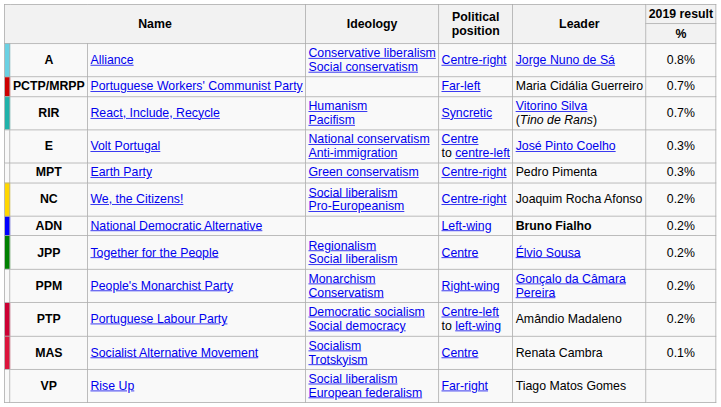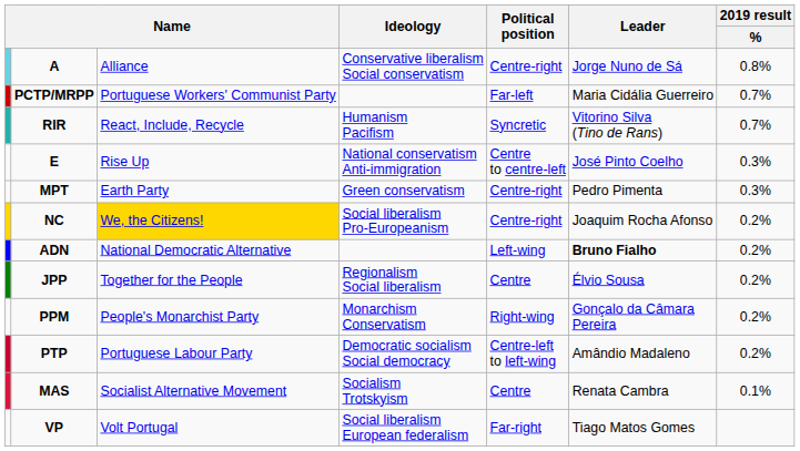 <table class="wikitable">
 <tr>
 <th rowspan="2" colspan="3">Name</th>
 <th rowspan="2">Ideology</th>
 <th rowspan="2">Political<br>position</th>
 <th rowspan="2">Leader</th>
 <th colspan="2">2019 result</th>
 </tr>
 <tr>
 <th>%</th>
 </tr>
 <tr>
 <td style="background:#6AD1E3;"></td>
 <td style="text-align:center;"><strong>A</strong></td>
 <td><a href='#'>Alliance</a><br></td>
 <td><a href='#'>Conservative liberalism</a><br><a href='#'>Social conservatism</a></td>
 <td><a href='#'>Centre-right</a></td>
 <td><a href='#'>Jorge Nuno de Sá</a></td>
 <td style="text-align:center;">0.8%</td>
 </tr>
 <tr>
 <td style="background:#cc0000;"></td>
 <td style="text-align:center;"><strong>PCTP/MRPP</strong></td>
 <td><a href='#'>Portuguese Workers' Communist Party</a><br></td>
 <td></td>
 <td><a href='#'>Far-left</a></td>
 <td>Maria Cidália Guerreiro</td>
 <td style="text-align:center;">0.7%</td>
 </tr>
 <tr>
 <td style="background:LightSeaGreen;"></td>
 <td style="text-align:center;"><strong>RIR</strong></td>
 <td><a href='#'>React, Include, Recycle</a><br></td>
 <td><a href='#'>Humanism</a><br><a href='#'>Pacifism</a></td>
 <td><a href='#'>Syncretic</a></td>
 <td><a href='#'>Vitorino Silva</a><br>(<em>Tino de Rans</em>)</td>
 <td style="text-align:center;">0.7%</td>
 </tr>
 <tr>
 <td style="background:"></td>
 <td style="text-align:center;"><strong>E</strong></td>
-<td><a href='#'>Volt Portugal</a><br></td>
+<td><a href='#'>Rise Up</a><br></td>
 <td><a href='#'>National conservatism</a><br><a href='#'>Anti-immigration</a></td>
 <td><a href='#'>Centre</a><br>to <a href='#'>centre-left</a></td>
 <td><a href='#'>José Pinto Coelho</a></td>
 <td style="text-align:center;">0.3%</td>
 </tr>
 <tr>
 <td style="background:"></td>
 <td style="text-align:center;"><strong>MPT</strong></td>
 <td><a href='#'>Earth Party</a><br></td>
 <td><a href='#'>Green conservatism</a></td>
 <td><a href='#'>Centre-right</a></td>
 <td>Pedro Pimenta</td>
 <td style="text-align:center;">0.3%</td>
 </tr>
 <tr>
 <td style="background:gold;"></td>
 <td style="text-align:center;"><strong>NC</strong></td>
-<td><a href='#'>We, the Citizens!</a><br></td>
+<td style="background: gold;"><a href='#'>We, the Citizens!</a><br></td>
 <td><a href='#'>Social liberalism</a><br><a href='#'>Pro-Europeanism</a></td>
 <td><a href='#'>Centre-right</a></td>
 <td>Joaquim Rocha Afonso</td>
 <td style="text-align:center;">0.2%</td>
 </tr>
 <tr>
 <td style="background:blue;"></td>
 <td style="text-align:center;"><strong>ADN</strong></td>
 <td><a href='#'>National Democratic Alternative</a><br></td>
 <td></td>
 <td><a href='#'>Left-wing</a></td>
 <td><strong>Bruno Fialho</strong></td>
 <td style="text-align:center;">0.2%</td>
 </tr>
 <tr>
 <td style="background:green;"></td>
 <td style="text-align:center;"><strong>JPP</strong></td>
 <td><a href='#'>Together for the People</a><br></td>
 <td><a href='#'>Regionalism</a><br><a href='#'>Social liberalism</a></td>
 <td><a href='#'>Centre</a></td>
 <td><a href='#'>Élvio Sousa</a></td>
 <td style="text-align:center;">0.2%</td>
 </tr>
 <tr>
 <td style="background:"></td>
 <td style="text-align:center;"><strong>PPM</strong></td>
 <td><a href='#'>People's Monarchist Party</a><br></td>
 <td><a href='#'>Monarchism</a><br><a href='#'>Conservatism</a></td>
 <td><a href='#'>Right-wing</a></td>
 <td><a href='#'>Gonçalo da Câmara<br>Pereira</a></td>
 <td style="text-align:center;">0.2%</td>
 </tr>
 <tr>
 <td style="background:#CC0033;"></td>
 <td style="text-align:center;"><strong>PTP</strong></td>
 <td><a href='#'>Portuguese Labour Party</a><br></td>
 <td><a href='#'>Democratic socialism</a><br><a href='#'>Social democracy</a></td>
 <td><a href='#'>Centre-left</a><br>to <a href='#'>left-wing</a></td>
 <td>Amândio Madaleno</td>
 <td style="text-align:center;">0.2%</td>
 </tr>
 <tr>
 <td style="background:crimson;"></td>
 <td style="text-align:center;"><strong>MAS</strong></td>
 <td><a href='#'>Socialist Alternative Movement</a><br></td>
 <td><a href='#'>Socialism</a><br><a href='#'>Trotskyism</a></td>
 <td><a href='#'>Centre</a></td>
 <td>Renata Cambra</td>
 <td style="text-align:center;">0.1%</td>
 </tr>
 <tr>
 <td style="background:"></td>
 <td style="text-align:center;"><strong>VP</strong></td>
-<td><a href='#'>Rise Up</a><br></td>
+<td><a href='#'>Volt Portugal</a><br></td>
 <td><a href='#'>Social liberalism</a><br><a href='#'>European federalism</a></td>
 <td><a href='#'>Far-right</a></td>
 <td>Tiago Matos Gomes</td>
 <td></td>
 </tr>
 </table>
